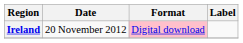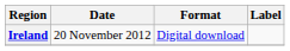 <table class="wikitable sortable plainrowheaders" style="text-align:center">
 <tr>
 <th>Region</th>
 <th>Date</th>
 <th>Format</th>
 <th>Label</th>
 </tr>
 <tr>
 <th scope="row"><a href='#'>Ireland</a></th>
 <td>20 November 2012</td>
-<td style="background: pink;"><a href='#'>Digital download</a></td>
+<td><a href='#'>Digital download</a></td>
 <td></td>
 </tr>
 <tr>
 </tr>
 </table>
